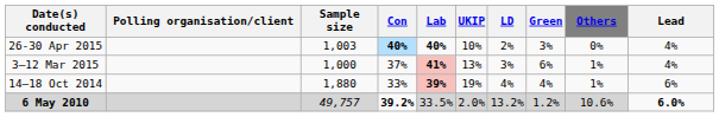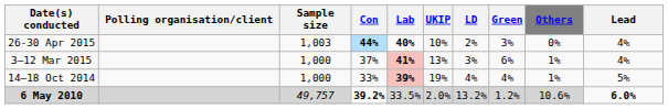 <table class="wikitable sortable" style="text-align:center;font-size:90%;line-height:14px">
 <tr>
 <th ! style="width:100px;">Date(s)<br>conducted</th>
 <th style="width:200px;">Polling organisation/client</th>
 <th class="unsortable" style="width:75px;">Sample size</th>
 <th class="unsortable" style="background:"><a href='#'><span>Con</span></a></th>
 <th class="unsortable" style="background:"><a href='#'><span>Lab</span></a></th>
 <th class="unsortable" style="background:"><a href='#'><span>UKIP</span></a></th>
 <th class="unsortable" style="background:"><a href='#'><span>LD</span></a></th>
 <th class="unsortable" style="background:"><a href='#'><span>Green</span></a></th>
 <th class="unsortable" style="background:gray; width:60px;"><a href='#'><span>Others</span></a></th>
 <th class="unsortable" style="width:85px;">Lead</th>
 </tr>
 <tr>
 <td>26-30 Apr 2015</td>
 <td></td>
 <td>1,003</td>
-<td style="background:#B3E0FF"><strong>40%</strong></td>
+<td style="background:#B3E0FF"><strong>44%</strong></td>
 <td><strong>40%</strong></td>
 <td>10%</td>
 <td>2%</td>
 <td>3%</td>
 <td>0%</td>
 <td style="background:">4%</td>
 </tr>
 <tr>
 <td>3–12 Mar 2015</td>
 <td></td>
 <td>1,000</td>
 <td>37%</td>
 <td style="background:#F8C1BE"><strong>41%</strong></td>
 <td>13%</td>
 <td>3%</td>
 <td>6%</td>
 <td>1%</td>
 <td style="background:">4%</td>
 </tr>
 <tr>
 <td>14–18 Oct 2014</td>
 <td></td>
-<td>1,880</td>
+<td>1,000</td>
 <td>33%</td>
 <td style="background:#F8C1BE"><strong>39%</strong></td>
 <td>19%</td>
 <td>4%</td>
 <td>4%</td>
 <td>1%</td>
-<td style="background:">6%</td>
+<td style="background:">5%</td>
 </tr>
 <tr>
 <td style="background:#D5D5D5"><strong>6 May 2010</strong></td>
 <td style="background:#D5D5D5"></td>
 <td style="background:#D5D5D5"><em>49,757</em></td>
 <td style="background:"><strong>39.2%</strong></td>
 <td style="background:#D5D5D5">33.5%</td>
 <td style="background:#D5D5D5">2.0%</td>
 <td style="background:#D5D5D5">13.2%</td>
 <td style="background:#D5D5D5">1.2%</td>
 <td style="background:#D5D5D5">10.6%</td>
 <td style="background:"><strong>6.0% </strong></td>
 </tr>
 </table>
